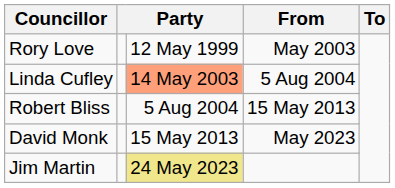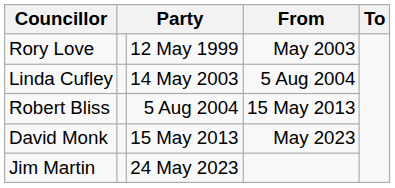 <table class=wikitable>
 <tr>
 <th>Councillor</th>
 <th colspan=2>Party</th>
 <th>From</th>
 <th>To</th>
 </tr>
 <tr>
 <td>Rory Love</td>
 <td></td>
 <td align=right>12 May 1999</td>
 <td align=right>May 2003</td>
 </tr>
 <tr>
 <td>Linda Cufley</td>
 <td></td>
-<td align=right style="background: lightsalmon;">14 May 2003</td>
+<td align=right>14 May 2003</td>
 <td align=right>5 Aug 2004</td>
 </tr>
 <tr>
 <td>Robert Bliss</td>
 <td></td>
 <td align=right>5 Aug 2004</td>
 <td align=right>15 May 2013</td>
 </tr>
 <tr>
 <td>David Monk</td>
 <td></td>
 <td align=right>15 May 2013</td>
 <td align=right>May 2023</td>
 </tr>
 <tr>
 <td>Jim Martin</td>
 <td></td>
-<td align=right style="background: khaki;">24 May 2023</td>
+<td align=right>24 May 2023</td>
 <td align=right></td>
 </tr>
 </table>
